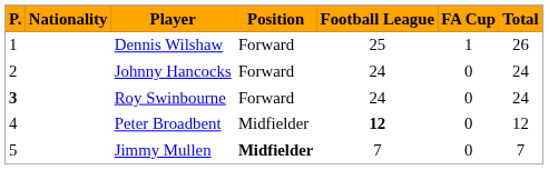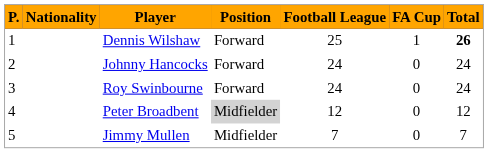 <table cellspacing="0" cellpadding="3" style="border:1px solid #AAAAAA;font-size:90%">
 <tr bgcolor="#191970">
 <th style=background:orange; align="center"><span>P.</span></th>
 <th style=background:orange; align="center"><span>Nationality</span></th>
 <th style=background:orange; align="center"><span>Player</span></th>
 <th style=background:orange; align="center"><span>Position</span></th>
 <th style=background:orange; align="center"><span>Football League</span></th>
 <th style=background:orange; align="center"><span>FA Cup</span></th>
 <th style=background:orange; align="center"><span>Total</span></th>
 </tr>
 <tr>
 <td>1</td>
 <td></td>
 <td><a href='#'>Dennis Wilshaw</a></td>
 <td>Forward</td>
 <td align="center">25</td>
 <td align="center">1</td>
-<td align="center">26</td>
+<td align="center"><strong>26</strong></td>
 </tr>
 <tr>
 <td>2</td>
 <td></td>
 <td><a href='#'>Johnny Hancocks</a></td>
 <td>Forward</td>
 <td align="center">24</td>
 <td align="center">0</td>
 <td align="center">24</td>
 </tr>
 <tr>
-<td><strong>3</strong></td>
+<td>3</td>
 <td></td>
 <td><a href='#'>Roy Swinbourne</a></td>
 <td>Forward</td>
 <td align="center">24</td>
 <td align="center">0</td>
 <td align="center">24</td>
 </tr>
 <tr>
 <td>4</td>
 <td></td>
 <td><a href='#'>Peter Broadbent</a></td>
-<td>Midfielder</td>
-<td align="center"><strong>12</strong></td>
+<td style="background: lightgrey;">Midfielder</td>
+<td align="center">12</td>
 <td align="center">0</td>
 <td align="center">12</td>
 </tr>
 <tr>
 <td>5</td>
 <td></td>
 <td><a href='#'>Jimmy Mullen</a></td>
-<td><strong>Midfielder</strong></td>
+<td>Midfielder</td>
 <td align="center">7</td>
 <td align="center">0</td>
 <td align="center">7</td>
 </tr>
 <tr>
 </tr>
 </table>
